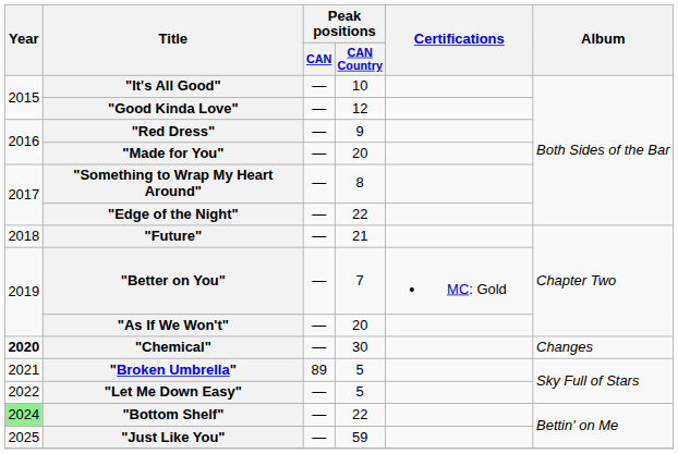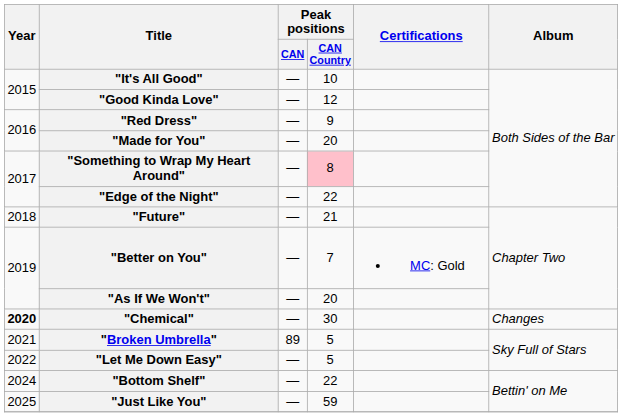 <table class="wikitable plainrowheaders" style="text-align:center;">
 <tr>
 <th scope="col" rowspan="2">Year</th>
 <th scope="col" rowspan="2" style="width:18em;">Title</th>
 <th scope="col" colspan="2">Peak<br>positions</th>
 <th rowspan="2" style="width:10em;"><a href='#'>Certifications</a></th>
 <th scope="col" rowspan="2">Album</th>
 </tr>
 <tr style="font-size:smaller;">
 <th scope="col"><a href='#'>CAN</a><br></th>
 <th scope="col"><a href='#'>CAN<br>Country</a><br></th>
 </tr>
 <tr>
 <td rowspan="2">2015</td>
 <th scope="row">"It's All Good"</th>
 <td>—</td>
 <td>10</td>
 <td></td>
 <td align="left" rowspan="6"><em>Both Sides of the Bar</em></td>
 </tr>
 <tr>
 <th scope="row">"Good Kinda Love"</th>
 <td>—</td>
 <td>12</td>
 <td></td>
 </tr>
 <tr>
 <td rowspan="2">2016</td>
 <th scope="row">"Red Dress"</th>
 <td>—</td>
 <td>9</td>
 <td></td>
 </tr>
 <tr>
 <th scope="row">"Made for You"</th>
 <td>—</td>
 <td>20</td>
 <td></td>
 </tr>
 <tr>
 <td rowspan="2">2017</td>
 <th scope="row">"Something to Wrap My Heart Around"</th>
 <td>—</td>
-<td>8</td>
+<td style="background: pink;">8</td>
 <td></td>
 </tr>
 <tr>
 <th scope="row">"Edge of the Night"</th>
 <td>—</td>
 <td>22</td>
 <td></td>
 </tr>
 <tr>
 <td>2018</td>
 <th scope="row">"Future"</th>
 <td>—</td>
 <td>21</td>
 <td></td>
 <td align="left" rowspan="3"><em>Chapter Two</em></td>
 </tr>
 <tr>
 <td rowspan="2">2019</td>
 <th scope="row">"Better on You"</th>
 <td>—</td>
 <td>7</td>
 <td><br><ul><li><a href='#'>MC</a>: Gold</li></ul></td>
 </tr>
 <tr>
 <th scope="row">"As If We Won't"</th>
 <td>—</td>
 <td>20</td>
 <td></td>
 </tr>
 <tr>
 <td><strong>2020</strong></td>
 <th scope="row">"Chemical"</th>
 <td>—</td>
 <td>30</td>
 <td></td>
 <td align="left"><em>Changes</em></td>
 </tr>
 <tr>
 <td>2021</td>
 <th scope="row">"<a href='#'>Broken Umbrella</a>"</th>
 <td>89</td>
 <td>5</td>
 <td></td>
 <td align="left" rowspan="2"><em>Sky Full of Stars</em></td>
 </tr>
 <tr>
 <td>2022</td>
 <th scope="row">"Let Me Down Easy"</th>
 <td>—</td>
 <td>5</td>
 <td></td>
 </tr>
 <tr>
-<td style="background: lightgreen;">2024</td>
+<td>2024</td>
 <th scope="row">"Bottom Shelf"</th>
 <td>—</td>
 <td>22</td>
 <td></td>
 <td align="left" rowspan="2"><em>Bettin' on Me</em></td>
 </tr>
 <tr>
 <td>2025</td>
 <th scope="row">"Just Like You"</th>
 <td>—</td>
 <td>59</td>
 <td></td>
 </tr>
 <tr>
 </tr>
 </table>
